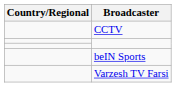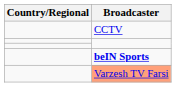 <table class="wikitable">
 <tr>
 <th>Country/Regional</th>
 <th>Broadcaster</th>
 </tr>
 <tr>
 <td></td>
 <td><a href='#'>CCTV</a></td>
 </tr>
 <tr>
 <td></td>
 <td rowspan="2"></td>
 </tr>
 <tr>
 <td></td>
 </tr>
 <tr>
 <td></td>
-<td><a href='#'>beIN Sports</a></td>
+<td><strong><a href='#'>beIN Sports</a></strong></td>
 </tr>
 <tr>
 <td></td>
-<td><a href='#'>Varzesh TV Farsi</a></td>
+<td style="background: lightsalmon;"><a href='#'>Varzesh TV Farsi</a></td>
 </tr>
 </table>
